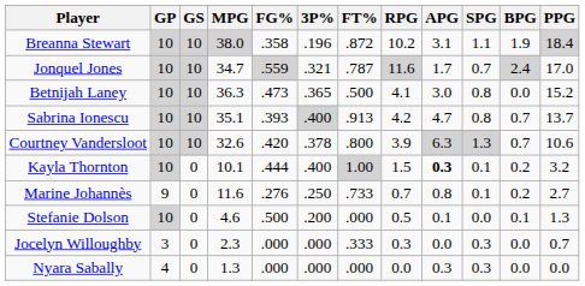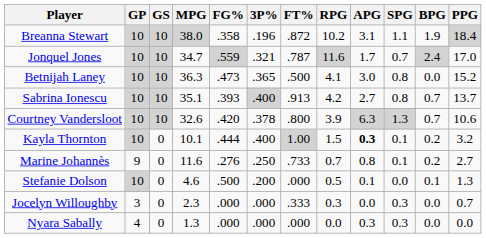 <table class="wikitable sortable" style="text-align:center;">
 <tr>
 <th>Player</th>
 <th>GP</th>
 <th>GS</th>
 <th>MPG</th>
 <th>FG%</th>
 <th>3P%</th>
 <th>FT%</th>
 <th>RPG</th>
 <th>APG</th>
 <th>SPG</th>
 <th>BPG</th>
 <th>PPG</th>
 </tr>
 <tr>
 <td><a href='#'>Breanna Stewart</a></td>
 <td style="background:#D3D3D3;">10</td>
 <td style="background:#D3D3D3;">10</td>
 <td style="background:#D3D3D3;">38.0</td>
 <td>.358</td>
 <td>.196</td>
 <td>.872</td>
 <td>10.2</td>
 <td>3.1</td>
 <td>1.1</td>
 <td>1.9</td>
 <td style="background:#D3D3D3;">18.4</td>
 </tr>
 <tr>
 <td><a href='#'>Jonquel Jones</a></td>
 <td style="background:#D3D3D3;">10</td>
 <td style="background:#D3D3D3;">10</td>
 <td>34.7</td>
 <td style="background:#D3D3D3;">.559</td>
 <td>.321</td>
 <td>.787</td>
 <td style="background:#D3D3D3;">11.6</td>
 <td>1.7</td>
 <td>0.7</td>
 <td style="background:#D3D3D3;">2.4</td>
 <td>17.0</td>
 </tr>
 <tr>
 <td><a href='#'>Betnijah Laney</a></td>
 <td style="background:#D3D3D3;">10</td>
 <td style="background:#D3D3D3;">10</td>
 <td>36.3</td>
 <td>.473</td>
 <td>.365</td>
 <td>.500</td>
 <td>4.1</td>
 <td>3.0</td>
 <td>0.8</td>
 <td>0.0</td>
 <td>15.2</td>
 </tr>
 <tr>
 <td><a href='#'>Sabrina Ionescu</a></td>
 <td style="background:#D3D3D3;">10</td>
 <td style="background:#D3D3D3;">10</td>
 <td>35.1</td>
 <td>.393</td>
 <td style="background:#D3D3D3;">.400</td>
 <td>.913</td>
 <td>4.2</td>
-<td>4.7</td>
+<td>2.7</td>
 <td>0.8</td>
 <td>0.7</td>
 <td>13.7</td>
 </tr>
 <tr>
 <td><a href='#'>Courtney Vandersloot</a></td>
 <td style="background:#D3D3D3;">10</td>
 <td style="background:#D3D3D3;">10</td>
 <td>32.6</td>
 <td>.420</td>
 <td>.378</td>
 <td>.800</td>
 <td>3.9</td>
 <td style="background:#D3D3D3;">6.3</td>
 <td style="background:#D3D3D3;">1.3</td>
 <td>0.7</td>
 <td>10.6</td>
 </tr>
 <tr>
 <td><a href='#'>Kayla Thornton</a></td>
 <td style="background:#D3D3D3;">10</td>
 <td>0</td>
 <td>10.1</td>
 <td>.444</td>
 <td>.400</td>
 <td style="background:#D3D3D3;">1.00</td>
 <td>1.5</td>
 <td><strong>0.3</strong></td>
 <td>0.1</td>
 <td>0.2</td>
 <td>3.2</td>
 </tr>
 <tr>
 <td><a href='#'>Marine Johannès</a></td>
 <td>9</td>
 <td>0</td>
 <td>11.6</td>
 <td>.276</td>
 <td>.250</td>
 <td>.733</td>
 <td>0.7</td>
 <td>0.8</td>
 <td>0.1</td>
 <td>0.2</td>
 <td>2.7</td>
 </tr>
 <tr>
 <td><a href='#'>Stefanie Dolson</a></td>
 <td style="background:#D3D3D3;">10</td>
 <td>0</td>
 <td>4.6</td>
 <td>.500</td>
 <td>.200</td>
 <td>.000</td>
 <td>0.5</td>
 <td>0.1</td>
 <td>0.0</td>
 <td>0.1</td>
 <td>1.3</td>
 </tr>
 <tr>
 <td><a href='#'>Jocelyn Willoughby</a></td>
 <td>3</td>
 <td>0</td>
 <td>2.3</td>
 <td>.000</td>
 <td>.000</td>
 <td>.333</td>
 <td>0.3</td>
 <td>0.0</td>
 <td>0.3</td>
 <td>0.0</td>
 <td>0.7</td>
 </tr>
 <tr>
 <td><a href='#'>Nyara Sabally</a></td>
 <td>4</td>
 <td>0</td>
 <td>1.3</td>
 <td>.000</td>
 <td>.000</td>
 <td>.000</td>
 <td>0.0</td>
 <td>0.3</td>
 <td>0.3</td>
 <td>0.0</td>
 <td>0.0</td>
 </tr>
 </table>
